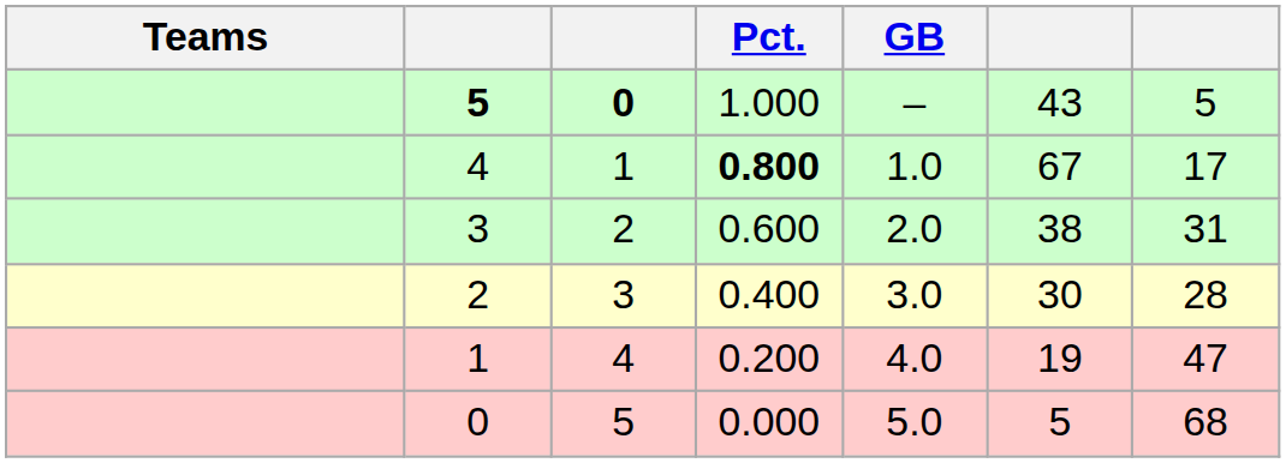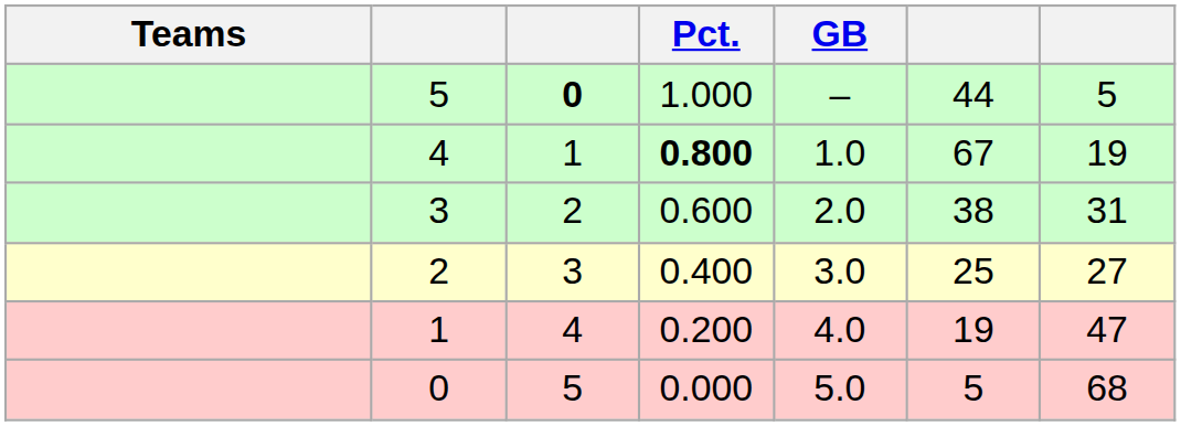 <table class="wikitable" style="text-align:center;">
 <tr>
 <th width=150px>Teams</th>
 <th width=50px></th>
 <th width=50px></th>
 <th width=50px><a href='#'>Pct.</a></th>
 <th width=50px><a href='#'>GB</a></th>
 <th width=50px></th>
 <th width=50px></th>
 </tr>
 <tr style="background-color:#cfc">
 <td align=left></td>
-<td><strong>5</strong></td>
+<td>5</td>
 <td><strong>0</strong></td>
 <td>1.000</td>
 <td>–</td>
-<td>43</td>
+<td>44</td>
 <td>5</td>
 </tr>
 <tr style="background-color:#cfc">
 <td align=left></td>
 <td>4</td>
 <td>1</td>
 <td><strong>0.800</strong></td>
 <td>1.0</td>
 <td>67</td>
-<td>17</td>
+<td>19</td>
 </tr>
 <tr style="background-color:#cfc">
 <td align=left></td>
 <td>3</td>
 <td>2</td>
 <td>0.600</td>
 <td>2.0</td>
 <td>38</td>
 <td>31</td>
 </tr>
 <tr style="background-color:#ffc">
 <td align=left></td>
 <td>2</td>
 <td>3</td>
 <td>0.400</td>
 <td>3.0</td>
-<td>30</td>
-<td>28</td>
+<td>25</td>
+<td>27</td>
 </tr>
 <tr style="background-color:#fcc">
 <td align=left></td>
 <td>1</td>
 <td>4</td>
 <td>0.200</td>
 <td>4.0</td>
 <td>19</td>
 <td>47</td>
 </tr>
 <tr style="background-color:#fcc">
 <td align=left></td>
 <td>0</td>
 <td>5</td>
 <td>0.000</td>
 <td>5.0</td>
 <td>5</td>
 <td>68</td>
 </tr>
 </table>
